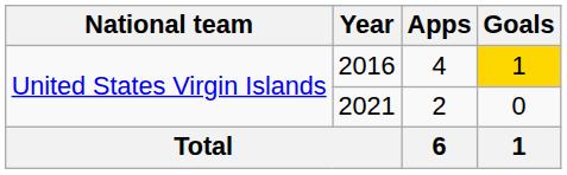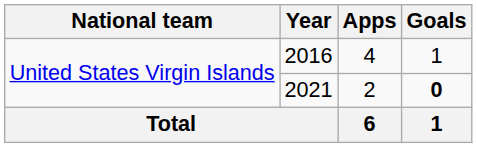 <table class="wikitable" style="text-align:center">
 <tr>
 <th>National team</th>
 <th>Year</th>
 <th>Apps</th>
 <th>Goals</th>
 </tr>
 <tr>
 <td rowspan="2"><a href='#'>United States Virgin Islands</a></td>
 <td>2016</td>
 <td>4</td>
-<td style="background: gold;">1</td>
+<td>1</td>
 </tr>
 <tr>
 <td>2021</td>
 <td>2</td>
-<td>0</td>
+<td><strong>0</strong></td>
 </tr>
 <tr>
 <th colspan="2">Total</th>
 <th>6</th>
 <th>1</th>
 </tr>
 </table>
